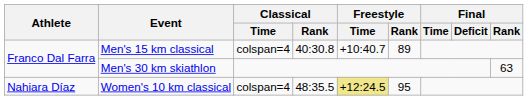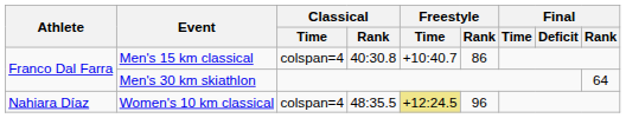 <table class="wikitable" style="font-size:90%">
 <tr>
 <th rowspan=2>Athlete</th>
 <th rowspan=2>Event</th>
 <th colspan=2>Classical</th>
 <th colspan=2>Freestyle</th>
 <th colspan=3>Final</th>
 </tr>
 <tr style="font-size: 95%">
 <th>Time</th>
 <th>Rank</th>
 <th>Time</th>
 <th>Rank</th>
 <th>Time</th>
 <th>Deficit</th>
 <th>Rank</th>
 </tr>
 <tr align=center>
 <td align=left rowspan=2><a href='#'>Franco Dal Farra</a></td>
 <td align=left><a href='#'>Men's 15 km classical</a></td>
 <td>colspan=4 </td>
 <td>40:30.8</td>
 <td>+10:40.7</td>
-<td>89</td>
+<td>86</td>
 </tr>
 <tr align=center>
 <td align=left><a href='#'>Men's 30 km skiathlon</a></td>
 <td colspan=6></td>
-<td>63</td>
+<td>64</td>
 </tr>
 <tr align=center>
 <td align=left><a href='#'>Nahiara Díaz</a></td>
 <td align=left><a href='#'>Women's 10 km classical</a></td>
 <td>colspan=4 </td>
 <td>48:35.5</td>
 <td style="background: khaki;">+12:24.5</td>
-<td>95</td>
+<td>96</td>
 </tr>
 </table>
